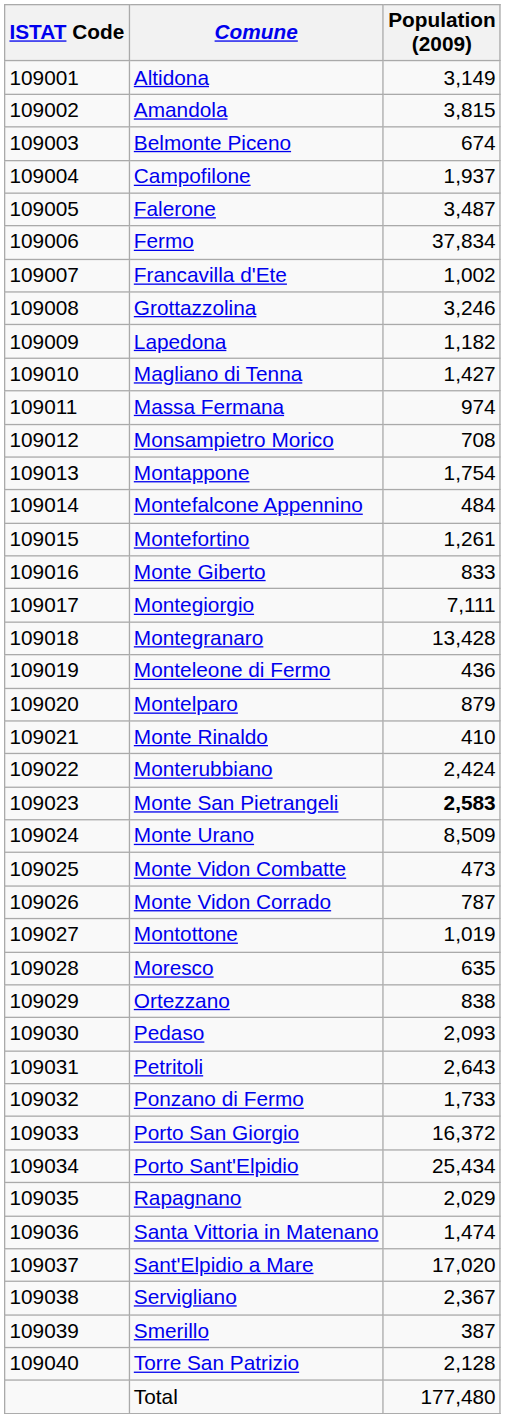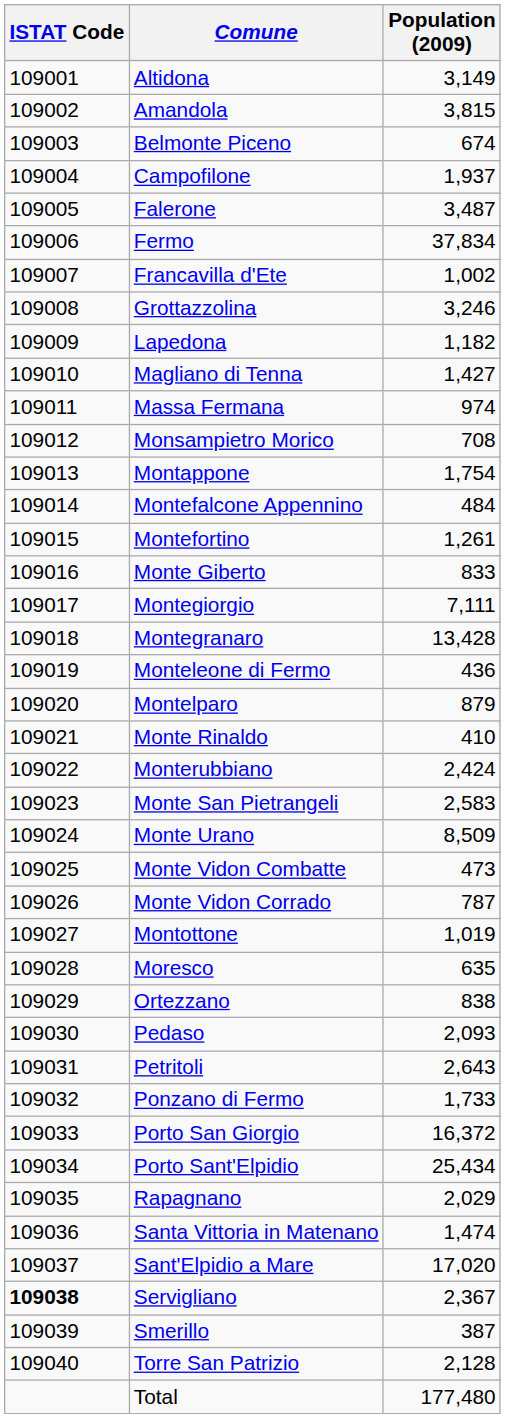 <table class="wikitable sortable">
 <tr>
 <th><a href='#'>ISTAT</a> Code</th>
 <th><em><a href='#'>Comune</a></em></th>
 <th>Population <br>(2009)</th>
 </tr>
 <tr>
 <td>109001</td>
 <td><a href='#'>Altidona</a></td>
 <td align="right">3,149</td>
 </tr>
 <tr>
 <td>109002</td>
 <td><a href='#'>Amandola</a></td>
 <td align="right">3,815</td>
 </tr>
 <tr>
 <td>109003</td>
 <td><a href='#'>Belmonte Piceno</a></td>
 <td align="right">674</td>
 </tr>
 <tr>
 <td>109004</td>
 <td><a href='#'>Campofilone</a></td>
 <td align="right">1,937</td>
 </tr>
 <tr>
 <td>109005</td>
 <td><a href='#'>Falerone</a></td>
 <td align="right">3,487</td>
 </tr>
 <tr>
 <td>109006</td>
 <td><a href='#'>Fermo</a></td>
 <td align="right">37,834</td>
 </tr>
 <tr>
 <td>109007</td>
 <td><a href='#'>Francavilla d'Ete</a></td>
 <td align="right">1,002</td>
 </tr>
 <tr>
 <td>109008</td>
 <td><a href='#'>Grottazzolina</a></td>
 <td align="right">3,246</td>
 </tr>
 <tr>
 <td>109009</td>
 <td><a href='#'>Lapedona</a></td>
 <td align="right">1,182</td>
 </tr>
 <tr>
 <td>109010</td>
 <td><a href='#'>Magliano di Tenna</a></td>
 <td align="right">1,427</td>
 </tr>
 <tr>
 <td>109011</td>
 <td><a href='#'>Massa Fermana</a></td>
 <td align="right">974</td>
 </tr>
 <tr>
 <td>109012</td>
 <td><a href='#'>Monsampietro Morico</a></td>
 <td align="right">708</td>
 </tr>
 <tr>
 <td>109013</td>
 <td><a href='#'>Montappone</a></td>
 <td align="right">1,754</td>
 </tr>
 <tr>
 <td>109014</td>
 <td><a href='#'>Montefalcone Appennino</a></td>
 <td align="right">484</td>
 </tr>
 <tr>
 <td>109015</td>
 <td><a href='#'>Montefortino</a></td>
 <td align="right">1,261</td>
 </tr>
 <tr>
 <td>109016</td>
 <td><a href='#'>Monte Giberto</a></td>
 <td align="right">833</td>
 </tr>
 <tr>
 <td>109017</td>
 <td><a href='#'>Montegiorgio</a></td>
 <td align="right">7,111</td>
 </tr>
 <tr>
 <td>109018</td>
 <td><a href='#'>Montegranaro</a></td>
 <td align="right">13,428</td>
 </tr>
 <tr>
 <td>109019</td>
 <td><a href='#'>Monteleone di Fermo</a></td>
 <td align="right">436</td>
 </tr>
 <tr>
 <td>109020</td>
 <td><a href='#'>Montelparo</a></td>
 <td align="right">879</td>
 </tr>
 <tr>
 <td>109021</td>
 <td><a href='#'>Monte Rinaldo</a></td>
 <td align="right">410</td>
 </tr>
 <tr>
 <td>109022</td>
 <td><a href='#'>Monterubbiano</a></td>
 <td align="right">2,424</td>
 </tr>
 <tr>
 <td>109023</td>
 <td><a href='#'>Monte San Pietrangeli</a></td>
-<td align="right"><strong>2,583</strong></td>
+<td align="right">2,583</td>
 </tr>
 <tr>
 <td>109024</td>
 <td><a href='#'>Monte Urano</a></td>
 <td align="right">8,509</td>
 </tr>
 <tr>
 <td>109025</td>
 <td><a href='#'>Monte Vidon Combatte</a></td>
 <td align="right">473</td>
 </tr>
 <tr>
 <td>109026</td>
 <td><a href='#'>Monte Vidon Corrado</a></td>
 <td align="right">787</td>
 </tr>
 <tr>
 <td>109027</td>
 <td><a href='#'>Montottone</a></td>
 <td align="right">1,019</td>
 </tr>
 <tr>
 <td>109028</td>
 <td><a href='#'>Moresco</a></td>
 <td align="right">635</td>
 </tr>
 <tr>
 <td>109029</td>
 <td><a href='#'>Ortezzano</a></td>
 <td align="right">838</td>
 </tr>
 <tr>
 <td>109030</td>
 <td><a href='#'>Pedaso</a></td>
 <td align="right">2,093</td>
 </tr>
 <tr>
 <td>109031</td>
 <td><a href='#'>Petritoli</a></td>
 <td align="right">2,643</td>
 </tr>
 <tr>
 <td>109032</td>
 <td><a href='#'>Ponzano di Fermo</a></td>
 <td align="right">1,733</td>
 </tr>
 <tr>
 <td>109033</td>
 <td><a href='#'>Porto San Giorgio</a></td>
 <td align="right">16,372</td>
 </tr>
 <tr>
 <td>109034</td>
 <td><a href='#'>Porto Sant'Elpidio</a></td>
 <td align="right">25,434</td>
 </tr>
 <tr>
 <td>109035</td>
 <td><a href='#'>Rapagnano</a></td>
 <td align="right">2,029</td>
 </tr>
 <tr>
 <td>109036</td>
 <td><a href='#'>Santa Vittoria in Matenano</a></td>
 <td align="right">1,474</td>
 </tr>
 <tr>
 <td>109037</td>
 <td><a href='#'>Sant'Elpidio a Mare</a></td>
 <td align="right">17,020</td>
 </tr>
 <tr>
-<td>109038</td>
+<td><strong>109038</strong></td>
 <td><a href='#'>Servigliano</a></td>
 <td align="right">2,367</td>
 </tr>
 <tr>
 <td>109039</td>
 <td><a href='#'>Smerillo</a></td>
 <td align="right">387</td>
 </tr>
 <tr>
 <td>109040</td>
 <td><a href='#'>Torre San Patrizio</a></td>
 <td align="right">2,128</td>
 </tr>
 <tr>
 <td></td>
 <td>Total</td>
 <td align="right">177,480</td>
 </tr>
 <tr>
 </tr>
 </table>
